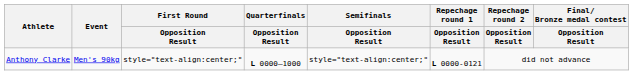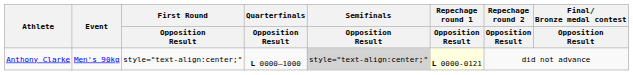 <table class=wikitable style="font-size:90%">
 <tr>
 <th rowspan="2">Athlete</th>
 <th rowspan="2">Event</th>
 <th>First Round</th>
 <th>Quarterfinals</th>
 <th>Semifinals</th>
 <th>Repechage <br>round 1</th>
 <th>Repechage <br>round 2</th>
 <th>Final/<br>Bronze medal contest</th>
 </tr>
 <tr>
 <th>Opposition<br>Result</th>
 <th>Opposition<br>Result</th>
 <th>Opposition<br>Result</th>
 <th>Opposition<br>Result</th>
 <th>Opposition<br>Result</th>
 <th>Opposition<br>Result</th>
 </tr>
 <tr>
 <td><a href='#'>Anthony Clarke</a></td>
 <td style="text-align:center;"><a href='#'>Men's 90kg</a></td>
 <td>style="text-align:center;" </td>
 <td style="text-align:center;"><br> <strong>L</strong> 0000–1000</td>
-<td>style="text-align:center;" </td>
-<td style="text-align:center;"><br> <strong>L</strong> 0000-0121</td>
+<td style="background: lightgrey;">style="text-align:center;" </td>
+<td style="background: lightyellow; text-align:center;"><br> <strong>L</strong> 0000-0121</td>
 <td style="text-align:center;" colspan="2">did not advance</td>
 </tr>
 </table>
